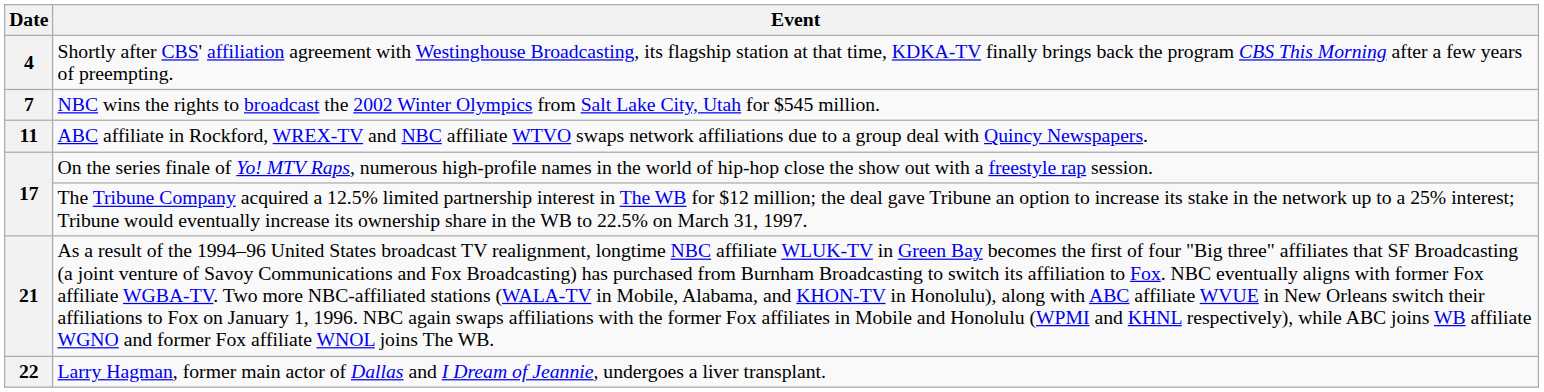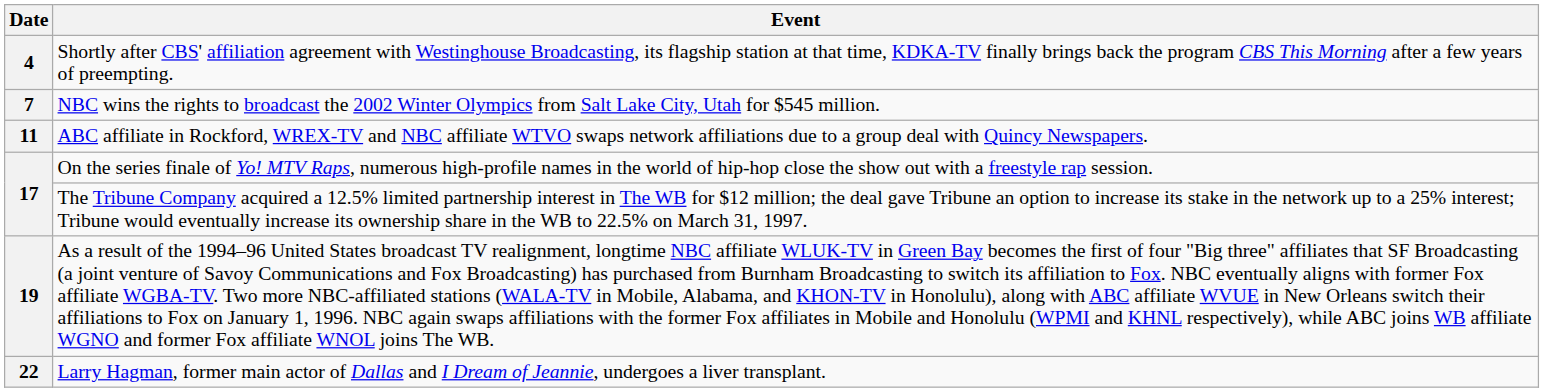 <table class="wikitable">
 <tr>
 <th>Date</th>
 <th>Event</th>
 </tr>
 <tr>
 <th>4</th>
 <td>Shortly after <a href='#'>CBS</a>' <a href='#'>affiliation</a> agreement with <a href='#'>Westinghouse Broadcasting</a>, its flagship station at that time, <a href='#'>KDKA-TV</a> finally brings back the program <em><a href='#'>CBS This Morning</a></em> after a few years of preempting.</td>
 </tr>
 <tr>
 <th>7</th>
 <td><a href='#'>NBC</a> wins the rights to <a href='#'>broadcast</a> the <a href='#'>2002 Winter Olympics</a> from <a href='#'>Salt Lake City, Utah</a> for $545 million.</td>
 </tr>
 <tr>
 <th>11</th>
 <td><a href='#'>ABC</a> affiliate in Rockford, <a href='#'>WREX-TV</a> and <a href='#'>NBC</a> affiliate <a href='#'>WTVO</a> swaps network affiliations due to a group deal with <a href='#'>Quincy Newspapers</a>.</td>
 </tr>
 <tr>
 <th rowspan="2">17</th>
 <td>On the series finale of <em><a href='#'>Yo! MTV Raps</a></em>, numerous high-profile names in the world of hip-hop close the show out with a <a href='#'>freestyle rap</a> session.</td>
 </tr>
 <tr>
 <td>The <a href='#'>Tribune Company</a> acquired a 12.5% limited partnership interest in <a href='#'>The WB</a> for $12 million; the deal gave Tribune an option to increase its stake in the network up to a 25% interest; Tribune would eventually increase its ownership share in the WB to 22.5% on March 31, 1997.</td>
 </tr>
 <tr>
-<th>21</th>
+<th>19</th>
 <td>As a result of the 1994–96 United States broadcast TV realignment, longtime <a href='#'>NBC</a> affiliate <a href='#'>WLUK-TV</a> in <a href='#'>Green Bay</a> becomes the first of four "Big three" affiliates that SF Broadcasting (a joint venture of Savoy Communications and Fox Broadcasting) has purchased from Burnham Broadcasting to switch its affiliation to <a href='#'>Fox</a>. NBC eventually aligns with former Fox affiliate <a href='#'>WGBA-TV</a>. Two more NBC-affiliated stations (<a href='#'>WALA-TV</a> in Mobile, Alabama, and <a href='#'>KHON-TV</a> in Honolulu), along with <a href='#'>ABC</a> affiliate <a href='#'>WVUE</a> in New Orleans switch their affiliations to Fox on January 1, 1996. NBC again swaps affiliations with the former Fox affiliates in Mobile and Honolulu (<a href='#'>WPMI</a> and <a href='#'>KHNL</a> respectively), while ABC joins <a href='#'>WB</a> affiliate <a href='#'>WGNO</a> and former Fox affiliate <a href='#'>WNOL</a> joins The WB.</td>
 </tr>
 <tr>
 <th>22</th>
 <td><a href='#'>Larry Hagman</a>, former main actor of <em><a href='#'>Dallas</a></em> and <em><a href='#'>I Dream of Jeannie</a></em>, undergoes a liver transplant.</td>
 </tr>
 </table>
